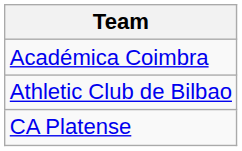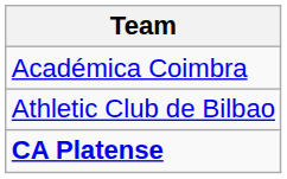 <table class= "wikitable">
 <tr>
 <th>Team</th>
 </tr>
 <tr>
 <td> <a href='#'>Académica Coimbra</a></td>
 </tr>
 <tr>
 <td> <a href='#'>Athletic Club de Bilbao</a></td>
 </tr>
 <tr>
-<td> <a href='#'>CA Platense</a></td>
+<td><strong> <a href='#'>CA Platense</a></strong></td>
 </tr>
 </table>
